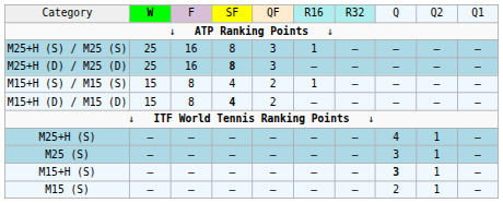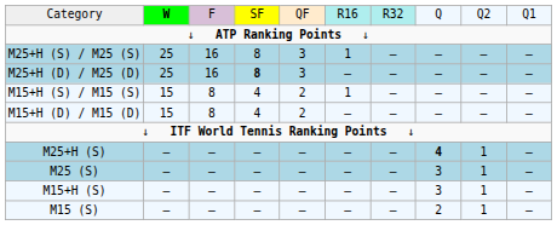 <table class="wikitable" style="font-size:90%">
 <tr align=center>
 <td style="background:#efefef;">Category</td>
 <td style="width:40px; background:lime;"><strong>W</strong></td>
 <td style="width:40px; background:thistle;">F</td>
 <td style="width:40px; background:#ff0;">SF</td>
 <td style="width:40px; background:#ffebcd;">QF</td>
 <td style="width:40px; background:#afeeee;">R16</td>
 <td style="width:40px; background:#afeeee;">R32</td>
 <td style="width:40px; background:#f0f8ff;">Q</td>
 <td style="width:40px; background:#f0f8ff;">Q2</td>
 <td style="width:40px; background:#f0f8ff;">Q1</td>
 </tr>
 <tr>
 <td colspan="11" align="center">↓   <strong>ATP Ranking Points</strong>   ↓</td>
 </tr>
 <tr style="text-align:center; background:lightblue;">
 <td>M25+H (S) / M25 (S)</td>
 <td>25</td>
 <td>16</td>
 <td>8</td>
 <td>3</td>
 <td>1</td>
 <td>–</td>
 <td>–</td>
 <td>–</td>
 <td>–</td>
 </tr>
 <tr style="text-align:center; background:lightblue;">
 <td>M25+H (D) / M25 (D)</td>
 <td>25</td>
 <td>16</td>
 <td><strong>8</strong></td>
 <td>3</td>
 <td>–</td>
 <td>–</td>
 <td>–</td>
 <td>–</td>
 <td>–</td>
 </tr>
 <tr style="text-align:center; background:#f0f8ff;">
 <td>M15+H (S) / M15 (S)</td>
 <td>15</td>
 <td>8</td>
 <td>4</td>
 <td>2</td>
 <td>1</td>
 <td>–</td>
 <td>–</td>
 <td>–</td>
 <td>–</td>
 </tr>
 <tr style="text-align:center; background:#f0f8ff;">
 <td>M15+H (D) / M15 (D)</td>
 <td>15</td>
 <td>8</td>
-<td><strong>4</strong></td>
+<td>4</td>
 <td>2</td>
 <td>–</td>
 <td>–</td>
 <td>–</td>
 <td>–</td>
 <td>–</td>
 </tr>
 <tr>
 <td colspan="11" align="center">↓   <strong>ITF World Tennis Ranking Points</strong>   ↓</td>
 </tr>
 <tr style="text-align:center; background:lightblue;">
 <td>M25+H (S)</td>
 <td>–</td>
 <td>–</td>
 <td>–</td>
 <td>–</td>
 <td>–</td>
 <td>–</td>
-<td>4</td>
+<td><strong>4</strong></td>
 <td>1</td>
 <td>–</td>
 </tr>
 <tr style="text-align:center; background:lightblue;">
 <td>M25 (S)</td>
 <td>–</td>
 <td>–</td>
 <td>–</td>
 <td>–</td>
 <td>–</td>
 <td>–</td>
 <td>3</td>
 <td>1</td>
 <td>–</td>
 </tr>
 <tr style="text-align:center; background:#f0f8ff;">
 <td>M15+H (S)</td>
 <td>–</td>
 <td>–</td>
 <td>–</td>
 <td>–</td>
 <td>–</td>
 <td>–</td>
-<td><strong>3</strong></td>
+<td>3</td>
 <td>1</td>
 <td>–</td>
 </tr>
 <tr style="text-align:center; background:#f0f8ff;">
 <td>M15 (S)</td>
 <td>–</td>
 <td>–</td>
 <td>–</td>
 <td>–</td>
 <td>–</td>
 <td>–</td>
 <td>2</td>
 <td>1</td>
 <td>–</td>
 </tr>
 </table>
